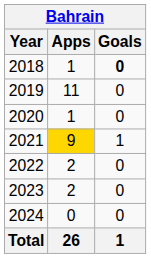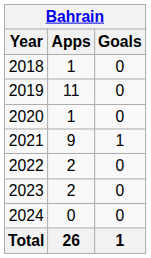 <table class="wikitable" style="text-align:center">
 <tr>
 <th colspan=3><a href='#'>Bahrain</a></th>
 </tr>
 <tr>
 <th>Year</th>
 <th>Apps</th>
 <th>Goals</th>
 </tr>
 <tr>
 <td>2018</td>
 <td>1</td>
-<td><strong>0</strong></td>
+<td>0</td>
 </tr>
 <tr>
 <td>2019</td>
 <td>11</td>
 <td>0</td>
 </tr>
 <tr>
 <td>2020</td>
 <td>1</td>
 <td>0</td>
 </tr>
 <tr>
 <td>2021</td>
-<td style="background: gold;">9</td>
+<td>9</td>
 <td>1</td>
 </tr>
 <tr>
 <td>2022</td>
 <td>2</td>
 <td>0</td>
 </tr>
 <tr>
 <td>2023</td>
 <td>2</td>
 <td>0</td>
 </tr>
 <tr>
 <td>2024</td>
 <td>0</td>
 <td>0</td>
 </tr>
 <tr>
 <th>Total</th>
 <th>26</th>
 <th>1</th>
 </tr>
 </table>
